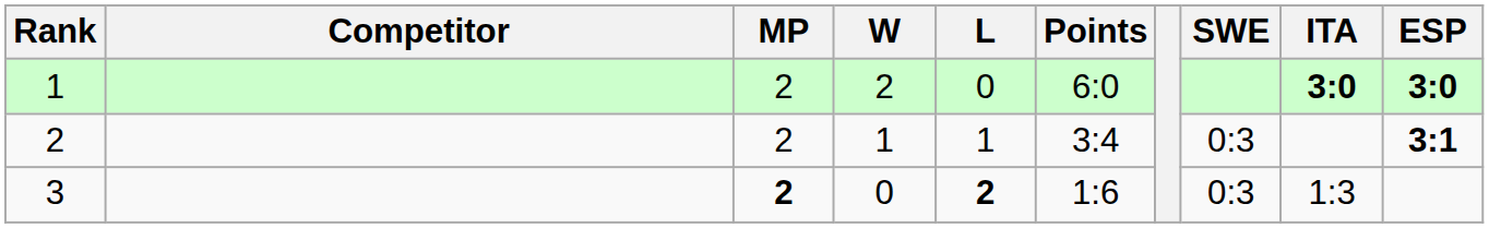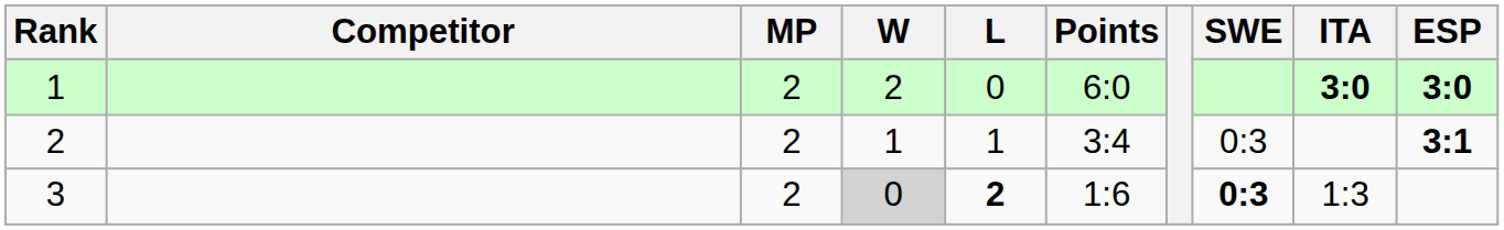 <table class="wikitable" style="text-align:center">
 <tr>
 <th>Rank</th>
 <th style="width:18em">Competitor</th>
 <th style="width:2.5em">MP</th>
 <th style="width:2.5em">W</th>
 <th style="width:2.5em">L</th>
 <th>Points</th>
 <th rowspan="4"> </th>
 <th style="width:2.5em">SWE</th>
 <th style="width:2.5em">ITA</th>
 <th style="width:2.5em">ESP</th>
 </tr>
 <tr style="background:#cfc;">
 <td>1</td>
 <td style="text-align:left"></td>
 <td>2</td>
 <td>2</td>
 <td>0</td>
 <td>6:0</td>
 <td></td>
 <td><strong>3:0</strong></td>
 <td><strong>3:0</strong></td>
 </tr>
 <tr>
 <td>2</td>
 <td style="text-align:left"></td>
 <td>2</td>
 <td>1</td>
 <td>1</td>
 <td>3:4</td>
 <td>0:3</td>
 <td></td>
 <td><strong>3:1</strong></td>
 </tr>
 <tr>
 <td>3</td>
 <td style="text-align:left"></td>
-<td><strong>2</strong></td>
-<td>0</td>
+<td>2</td>
+<td style="background: lightgrey;">0</td>
 <td><strong>2</strong></td>
 <td>1:6</td>
-<td>0:3</td>
+<td><strong>0:3</strong></td>
 <td>1:3</td>
 <td></td>
 </tr>
 </table>
